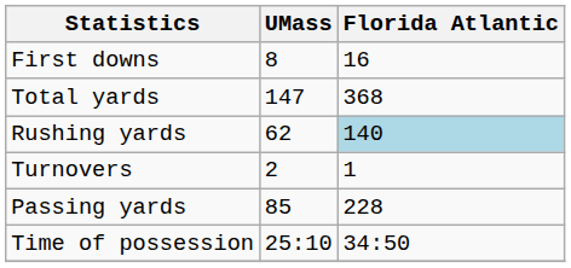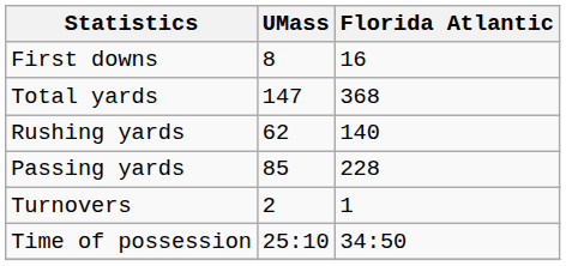 <table class="wikitable">
 <tr>
 <th>Statistics</th>
 <th>UMass</th>
 <th>Florida Atlantic</th>
 </tr>
 <tr>
 <td>First downs</td>
 <td>8</td>
 <td>16</td>
 </tr>
 <tr>
 <td>Total yards</td>
 <td>147</td>
 <td>368</td>
 </tr>
 <tr>
 <td>Rushing yards</td>
 <td>62</td>
-<td style="background: lightblue;">140</td>
+<td>140</td>
+</tr>
+<tr>
+<td>Passing yards</td>
+<td>85</td>
+<td>228</td>
 </tr>
 <tr>
 <td>Turnovers</td>
 <td>2</td>
 <td>1</td>
-</tr>
-<tr>
-<td>Passing yards</td>
-<td>85</td>
-<td>228</td>
 </tr>
 <tr>
 <td>Time of possession</td>
 <td>25:10</td>
 <td>34:50</td>
 </tr>
 <tr>
 </tr>
 </table>
